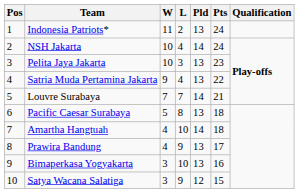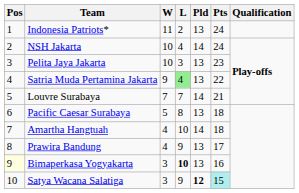 <table class="wikitable">
 <tr>
 <th>Pos</th>
 <th>Team</th>
 <th>W</th>
 <th>L</th>
 <th>Pld</th>
 <th>Pts</th>
 <th>Qualification</th>
 </tr>
 <tr>
 <td>1</td>
 <td><a href='#'>Indonesia Patriots</a>*</td>
 <td>11</td>
 <td>2</td>
 <td>13</td>
 <td>24</td>
 <td></td>
 </tr>
 <tr>
 <td>2</td>
 <td><a href='#'>NSH Jakarta</a></td>
 <td>10</td>
 <td>4</td>
 <td>14</td>
 <td>24</td>
 <td rowspan="4"><strong>Play-offs</strong></td>
 </tr>
 <tr>
 <td>3</td>
 <td><a href='#'>Pelita Jaya Jakarta</a></td>
 <td>10</td>
 <td>3</td>
 <td>13</td>
 <td>23</td>
 </tr>
 <tr>
 <td>4</td>
 <td><a href='#'>Satria Muda Pertamina Jakarta</a></td>
 <td>9</td>
-<td>4</td>
+<td style="background: lightgreen;">4</td>
 <td>13</td>
 <td>22</td>
 </tr>
 <tr>
 <td>5</td>
 <td>Louvre Surabaya</td>
 <td>7</td>
 <td>7</td>
 <td>14</td>
 <td>21</td>
 </tr>
 <tr>
 <td>6</td>
 <td><a href='#'>Pacific Caesar Surabaya</a></td>
 <td>5</td>
 <td>8</td>
 <td>13</td>
 <td>18</td>
 <td rowspan="5"></td>
 </tr>
 <tr>
 <td>7</td>
 <td><a href='#'>Amartha Hangtuah</a></td>
 <td>4</td>
 <td>10</td>
 <td>14</td>
 <td>18</td>
 </tr>
 <tr>
 <td>8</td>
 <td><a href='#'>Prawira Bandung</a></td>
 <td>4</td>
 <td>9</td>
 <td>13</td>
 <td>17</td>
 </tr>
 <tr>
-<td>9</td>
+<td style="background: lightyellow;">9</td>
 <td><a href='#'>Bimaperkasa Yogyakarta</a></td>
 <td>3</td>
-<td>10</td>
+<td><strong>10</strong></td>
 <td>13</td>
 <td>16</td>
 </tr>
 <tr>
 <td>10</td>
 <td><a href='#'>Satya Wacana Salatiga</a></td>
 <td>3</td>
 <td>9</td>
-<td>12</td>
-<td>15</td>
+<td><strong>12</strong></td>
+<td style="background: paleturquoise;">15</td>
 </tr>
 </table>
